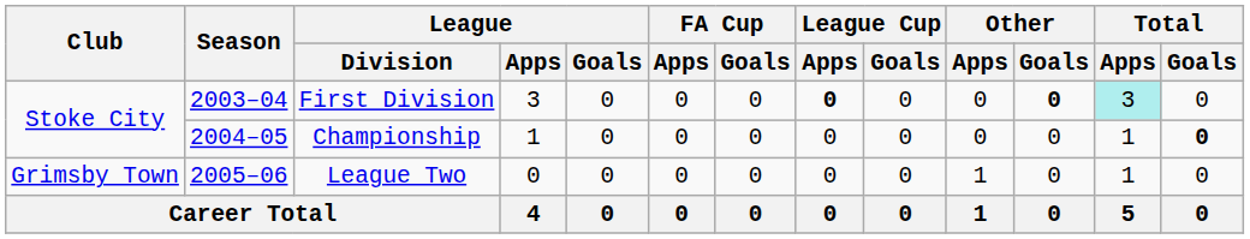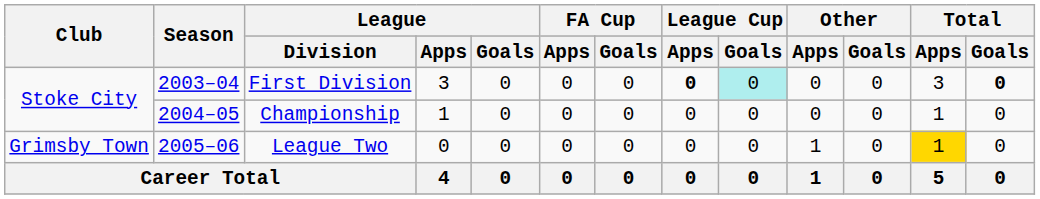 <table class="wikitable" style="text-align: center;">
 <tr>
 <th rowspan=2>Club</th>
 <th rowspan=2>Season</th>
 <th colspan=3>League</th>
 <th colspan=2>FA Cup</th>
 <th colspan=2>League Cup</th>
 <th colspan=2>Other</th>
 <th colspan=2>Total</th>
 </tr>
 <tr>
 <th>Division</th>
 <th>Apps</th>
 <th>Goals</th>
 <th>Apps</th>
 <th>Goals</th>
 <th>Apps</th>
 <th>Goals</th>
 <th>Apps</th>
 <th>Goals</th>
 <th>Apps</th>
 <th>Goals</th>
 </tr>
 <tr>
 <td rowspan=2><a href='#'>Stoke City</a></td>
 <td><a href='#'>2003–04</a></td>
 <td><a href='#'>First Division</a></td>
 <td>3</td>
 <td>0</td>
 <td>0</td>
 <td>0</td>
 <td><strong>0</strong></td>
+<td style="background: paleturquoise;">0</td>
 <td>0</td>
 <td>0</td>
+<td>3</td>
 <td><strong>0</strong></td>
-<td style="background: paleturquoise;">3</td>
-<td>0</td>
 </tr>
 <tr>
 <td><a href='#'>2004–05</a></td>
 <td><a href='#'>Championship</a></td>
 <td>1</td>
 <td>0</td>
 <td>0</td>
 <td>0</td>
 <td>0</td>
 <td>0</td>
 <td>0</td>
 <td>0</td>
 <td>1</td>
-<td><strong>0</strong></td>
+<td>0</td>
 </tr>
 <tr>
 <td><a href='#'>Grimsby Town</a></td>
 <td><a href='#'>2005–06</a></td>
 <td><a href='#'>League Two</a></td>
 <td>0</td>
 <td>0</td>
 <td>0</td>
 <td>0</td>
 <td>0</td>
 <td>0</td>
 <td>1</td>
 <td>0</td>
-<td>1</td>
+<td style="background: gold;">1</td>
 <td>0</td>
 </tr>
 <tr>
 <th colspan=3>Career Total</th>
 <th>4</th>
 <th>0</th>
 <th>0</th>
 <th>0</th>
 <th>0</th>
 <th>0</th>
 <th>1</th>
 <th>0</th>
 <th>5</th>
 <th>0</th>
 </tr>
 </table>
